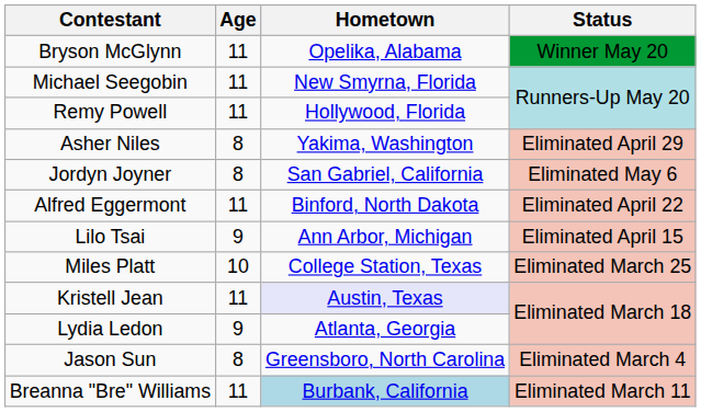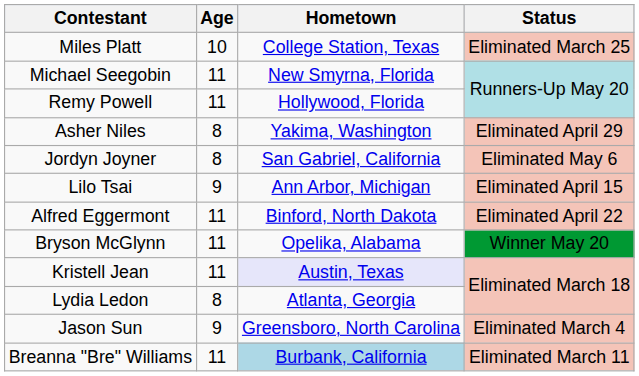 <table class="wikitable sortable plainrowheaders" style="text-align:center">
 <tr style="background:#C1D8FF;">
 <th>Contestant</th>
 <th>Age</th>
 <th>Hometown</th>
 <th>Status</th>
 </tr>
 <tr>
-<td>Bryson McGlynn</td>
-<td>11</td>
-<td><a href='#'>Opelika, Alabama</a></td>
-<td style="background:#093;"><span>Winner May 20</span></td>
+<td>Miles Platt</td>
+<td>10</td>
+<td><a href='#'>College Station, Texas</a></td>
+<td style="background:#f4c4b8; text-align:center;">Eliminated March 25</td>
 </tr>
 <tr>
 <td>Michael Seegobin</td>
 <td>11</td>
 <td><a href='#'>New Smyrna, Florida</a></td>
 <td style="background:#B0E0E6; text'align:center;" rowspan="2">Runners-Up May 20</td>
 </tr>
 <tr>
 <td>Remy Powell</td>
 <td>11</td>
 <td><a href='#'>Hollywood, Florida</a></td>
 </tr>
 <tr>
 <td>Asher Niles</td>
 <td>8</td>
 <td><a href='#'>Yakima, Washington</a></td>
 <td style="background:#f4c4b8; text-align:center;">Eliminated April 29</td>
 </tr>
 <tr>
 <td>Jordyn Joyner</td>
 <td>8</td>
 <td><a href='#'>San Gabriel, California</a></td>
 <td style="background:#f4c4b8; text-align:center;">Eliminated May 6</td>
 </tr>
 <tr>
+<td>Lilo Tsai</td>
+<td>9</td>
+<td><a href='#'>Ann Arbor, Michigan</a></td>
+<td style="background:#f4c4b8; text-align:center;">Eliminated April 15</td>
+</tr>
+<tr>
 <td>Alfred Eggermont</td>
 <td>11</td>
 <td><a href='#'>Binford, North Dakota</a></td>
 <td style="background:#f4c4b8; text-align:center;">Eliminated April 22</td>
 </tr>
 <tr>
-<td>Lilo Tsai</td>
-<td>9</td>
-<td><a href='#'>Ann Arbor, Michigan</a></td>
-<td style="background:#f4c4b8; text-align:center;">Eliminated April 15</td>
-</tr>
-<tr>
-<td>Miles Platt</td>
-<td>10</td>
-<td><a href='#'>College Station, Texas</a></td>
-<td style="background:#f4c4b8; text-align:center;">Eliminated March 25</td>
+<td>Bryson McGlynn</td>
+<td>11</td>
+<td><a href='#'>Opelika, Alabama</a></td>
+<td style="background:#093;"><span>Winner May 20</span></td>
 </tr>
 <tr>
 <td>Kristell Jean</td>
 <td>11</td>
 <td style="background: lavender;"><a href='#'>Austin, Texas</a></td>
 <td rowspan="2" style="background:#f4c4b8; text-align:center;">Eliminated March 18</td>
 </tr>
 <tr>
 <td>Lydia Ledon</td>
-<td>9</td>
+<td>8</td>
 <td><a href='#'>Atlanta, Georgia</a></td>
 </tr>
 <tr>
 <td>Jason Sun</td>
-<td>8</td>
+<td>9</td>
 <td><a href='#'>Greensboro, North Carolina</a></td>
 <td style="background:#f4c4b8; text-align:center;">Eliminated March 4</td>
 </tr>
 <tr>
 <td>Breanna "Bre" Williams</td>
 <td>11</td>
 <td style="background: lightblue;"><a href='#'>Burbank, California</a></td>
 <td style="background:#f4c4b8; text-align:center;">Eliminated March 11</td>
 </tr>
 </table>
